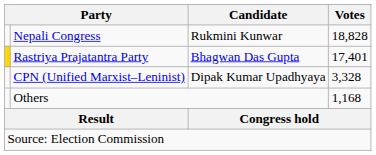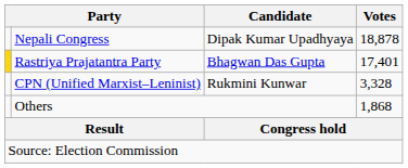 <table class="wikitable">
 <tr>
 <th colspan="2">Party</th>
 <th>Candidate</th>
 <th>Votes</th>
 </tr>
 <tr>
 <td style="background-color:"></td>
 <td><a href='#'>Nepali Congress</a></td>
-<td>Rukmini Kunwar</td>
-<td>18,828</td>
+<td>Dipak Kumar Upadhyaya</td>
+<td>18,878</td>
 </tr>
 <tr>
 <td style="background-color:gold"></td>
 <td><a href='#'>Rastriya Prajatantra Party</a></td>
 <td><a href='#'>Bhagwan Das Gupta</a></td>
 <td>17,401</td>
 </tr>
 <tr>
 <td style="background-color:"></td>
 <td><a href='#'>CPN (Unified Marxist–Leninist)</a></td>
-<td>Dipak Kumar Upadhyaya</td>
+<td>Rukmini Kunwar</td>
 <td>3,328</td>
 </tr>
 <tr>
 <td></td>
 <td colspan="2">Others</td>
-<td>1,168</td>
+<td>1,868</td>
 </tr>
 <tr>
 <th colspan="2">Result</th>
 <th colspan="2">Congress hold</th>
 </tr>
 <tr>
 <td colspan="4">Source: Election Commission</td>
 </tr>
 </table>
